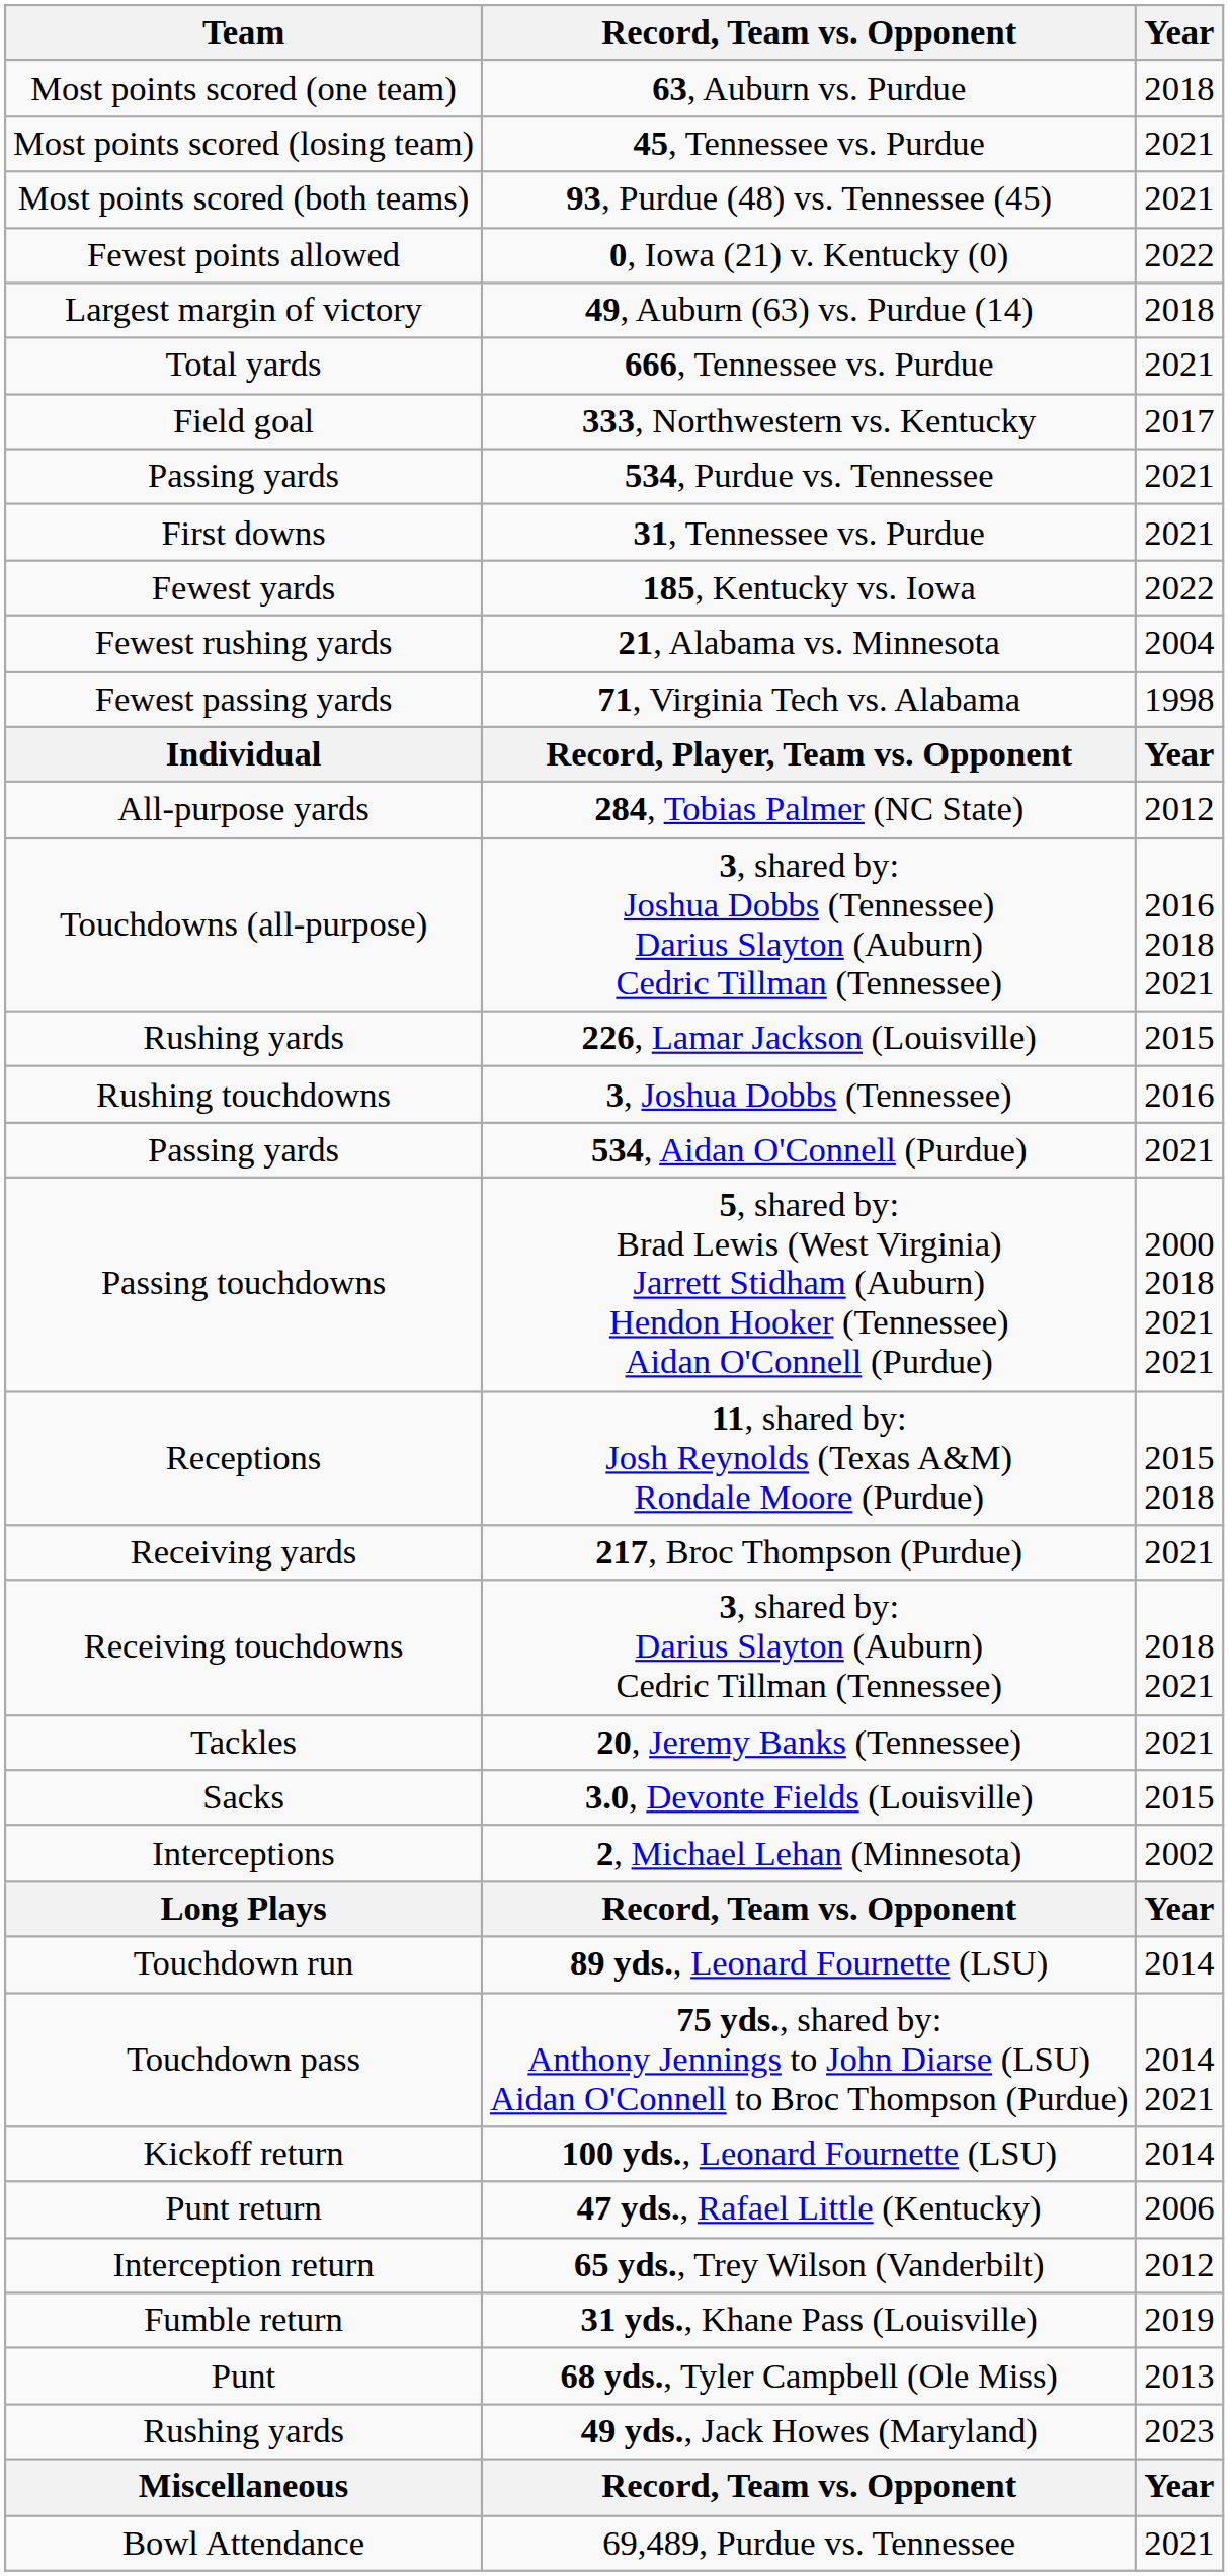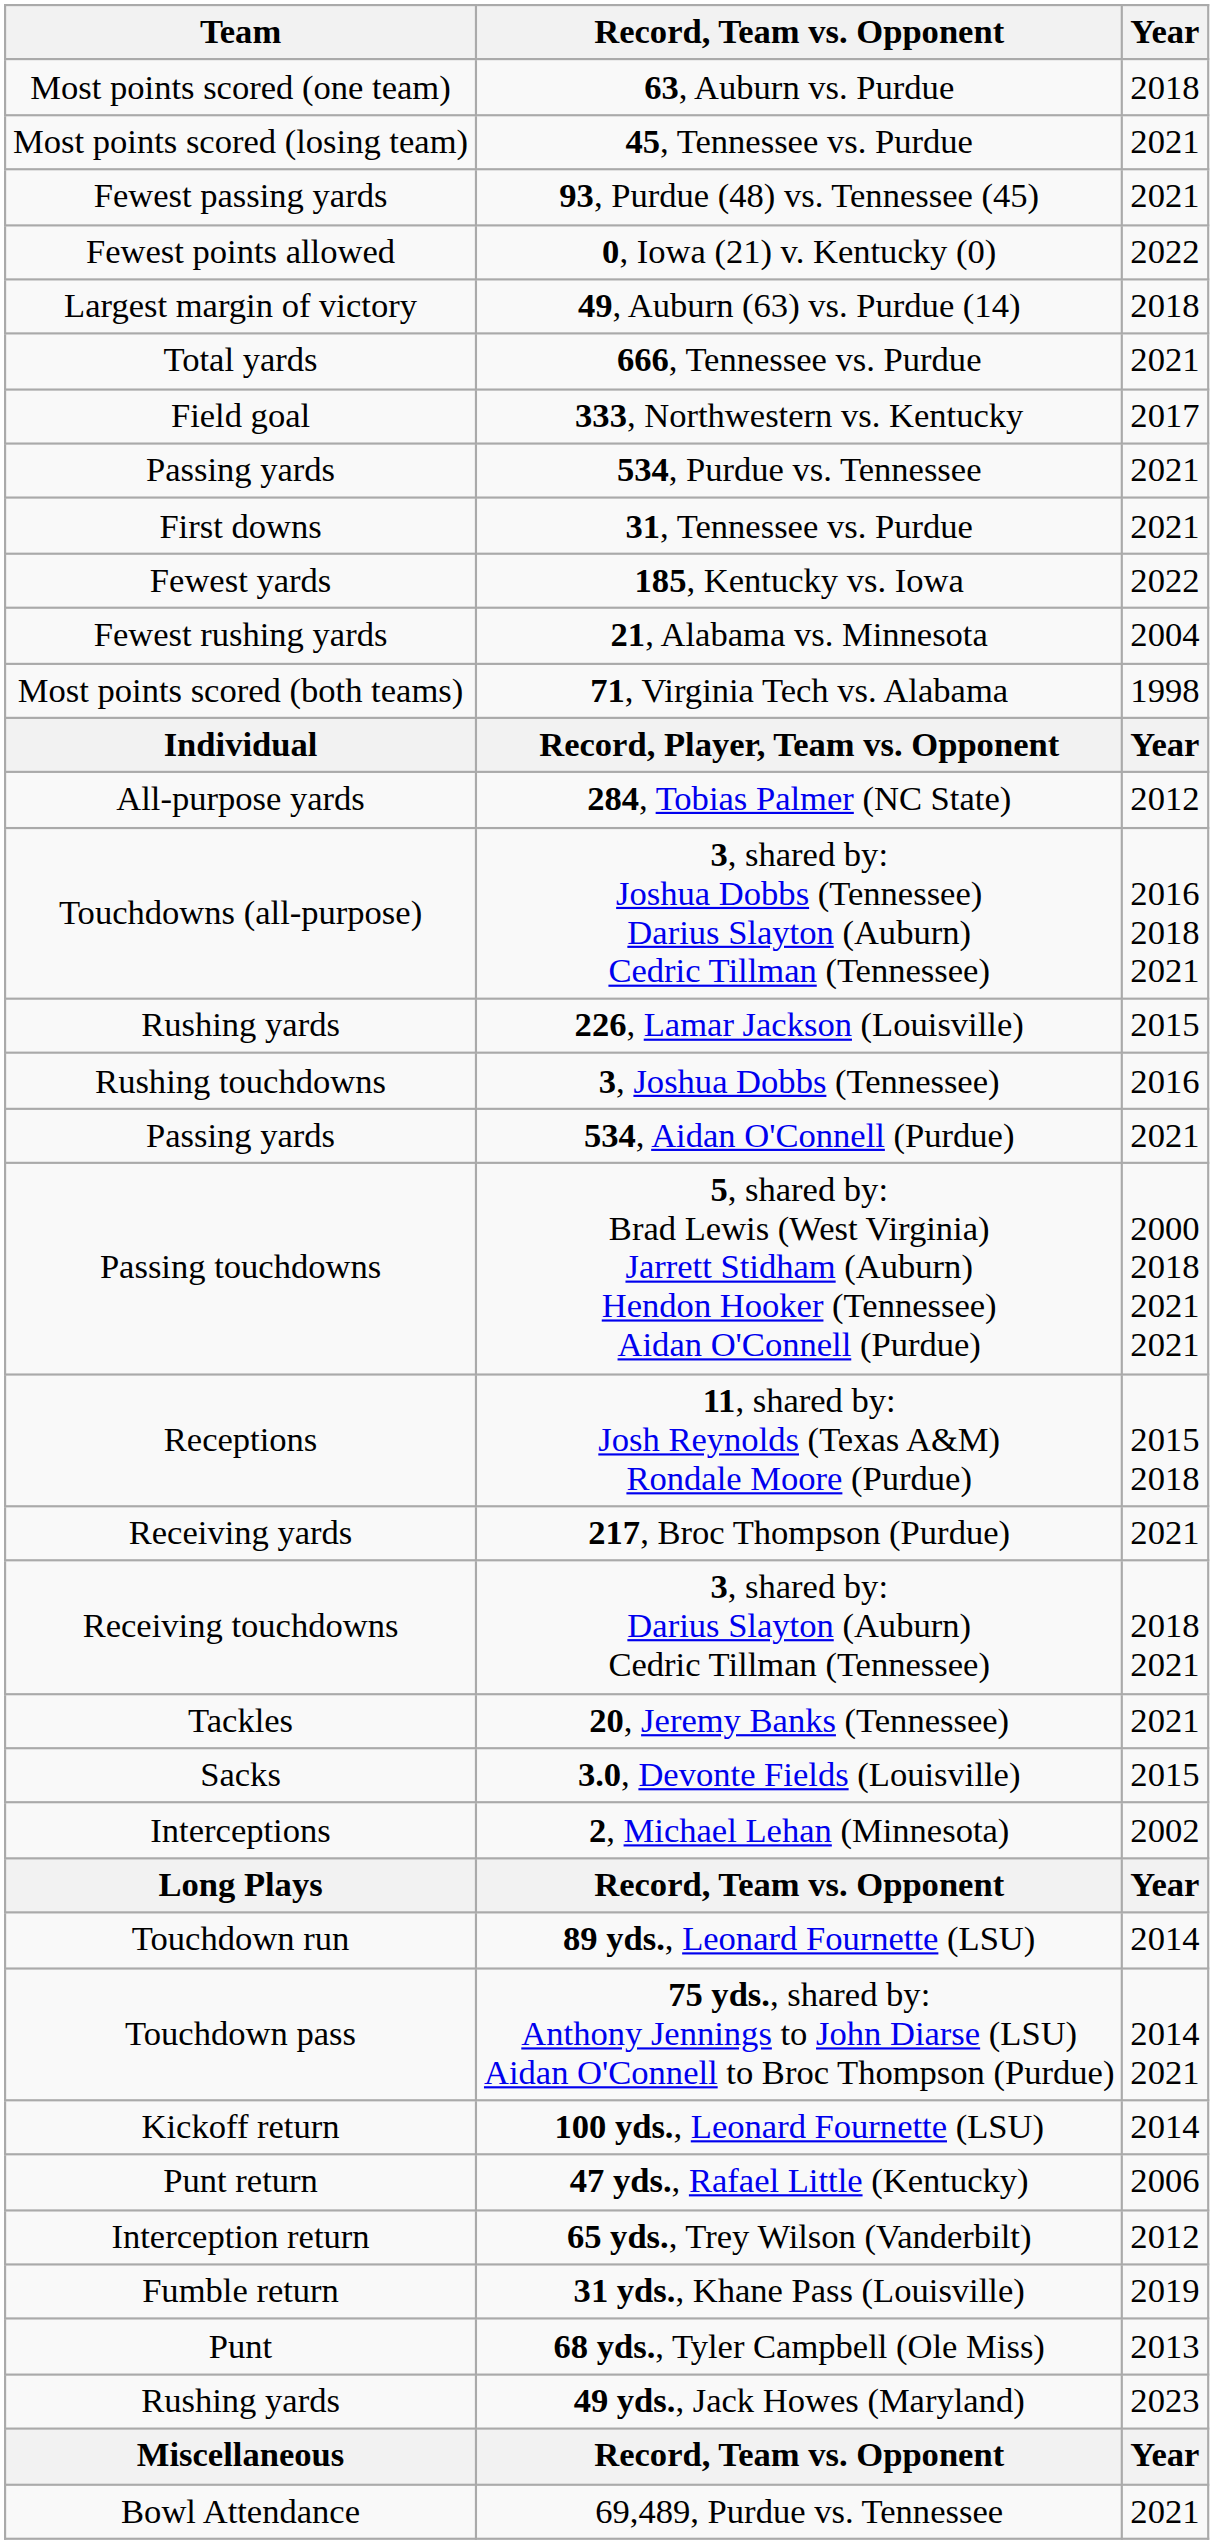 <table class="wikitable" style="text-align:center;">
 <tr>
 <th>Team</th>
 <th>Record, Team vs. Opponent</th>
 <th>Year</th>
 </tr>
 <tr>
 <td>Most points scored (one team)</td>
 <td><strong>63</strong>, Auburn vs. Purdue</td>
 <td>2018</td>
 </tr>
 <tr>
 <td>Most points scored (losing team)</td>
 <td><strong>45</strong>, Tennessee vs. Purdue</td>
 <td>2021</td>
 </tr>
 <tr>
-<td>Most points scored (both teams)</td>
+<td>Fewest passing yards</td>
 <td><strong>93</strong>, Purdue (48) vs. Tennessee (45)</td>
 <td>2021</td>
 </tr>
 <tr>
 <td>Fewest points allowed</td>
 <td><strong>0</strong>, Iowa (21) v. Kentucky (0)</td>
 <td>2022</td>
 </tr>
 <tr>
 <td>Largest margin of victory</td>
 <td><strong>49</strong>, Auburn (63) vs. Purdue (14)</td>
 <td>2018</td>
 </tr>
 <tr>
 <td>Total yards</td>
 <td><strong>666</strong>, Tennessee vs. Purdue</td>
 <td>2021</td>
 </tr>
 <tr>
 <td>Field goal</td>
 <td><strong>333</strong>, Northwestern vs. Kentucky</td>
 <td>2017</td>
 </tr>
 <tr>
 <td>Passing yards</td>
 <td><strong>534</strong>, Purdue vs. Tennessee</td>
 <td>2021</td>
 </tr>
 <tr>
 <td>First downs</td>
 <td><strong>31</strong>, Tennessee vs. Purdue</td>
 <td>2021</td>
 </tr>
 <tr>
 <td>Fewest yards</td>
 <td><strong>185</strong>, Kentucky vs. Iowa</td>
 <td>2022</td>
 </tr>
 <tr>
 <td>Fewest rushing yards</td>
 <td><strong>21</strong>, Alabama vs. Minnesota</td>
 <td>2004</td>
 </tr>
 <tr>
-<td>Fewest passing yards</td>
+<td>Most points scored (both teams)</td>
 <td><strong>71</strong>, Virginia Tech vs. Alabama</td>
 <td>1998</td>
 </tr>
 <tr>
 <th>Individual</th>
 <th>Record, Player, Team vs. Opponent</th>
 <th>Year</th>
 </tr>
 <tr>
 <td>All-purpose yards</td>
 <td><strong>284</strong>, <a href='#'>Tobias Palmer</a> (NC State)</td>
 <td>2012</td>
 </tr>
 <tr>
 <td>Touchdowns (all-purpose)</td>
 <td><strong>3</strong>, shared by:<br><a href='#'>Joshua Dobbs</a> (Tennessee)<br><a href='#'>Darius Slayton</a> (Auburn)<br><a href='#'>Cedric Tillman</a> (Tennessee)</td>
 <td><br>2016<br>2018<br>2021</td>
 </tr>
 <tr>
 <td>Rushing yards</td>
 <td><strong>226</strong>, <a href='#'>Lamar Jackson</a> (Louisville)</td>
 <td>2015</td>
 </tr>
 <tr>
 <td>Rushing touchdowns</td>
 <td><strong>3</strong>, <a href='#'>Joshua Dobbs</a> (Tennessee)</td>
 <td>2016</td>
 </tr>
 <tr>
 <td>Passing yards</td>
 <td><strong>534</strong>, <a href='#'>Aidan O'Connell</a> (Purdue)</td>
 <td>2021</td>
 </tr>
 <tr>
 <td>Passing touchdowns</td>
 <td><strong>5</strong>, shared by:<br>Brad Lewis (West Virginia)<br><a href='#'>Jarrett Stidham</a> (Auburn)<br><a href='#'>Hendon Hooker</a> (Tennessee)<br><a href='#'>Aidan O'Connell</a> (Purdue)</td>
 <td><br>2000<br>2018<br>2021<br>2021</td>
 </tr>
 <tr>
 <td>Receptions</td>
 <td><strong>11</strong>, shared by:<br><a href='#'>Josh Reynolds</a> (Texas A&M)<br><a href='#'>Rondale Moore</a> (Purdue)</td>
 <td><br>2015<br>2018</td>
 </tr>
 <tr>
 <td>Receiving yards</td>
 <td><strong>217</strong>, Broc Thompson (Purdue)</td>
 <td>2021</td>
 </tr>
 <tr>
 <td>Receiving touchdowns</td>
 <td><strong>3</strong>, shared by:<br><a href='#'>Darius Slayton</a> (Auburn)<br>Cedric Tillman (Tennessee)</td>
 <td><br>2018<br>2021</td>
 </tr>
 <tr>
 <td>Tackles</td>
 <td><strong>20</strong>, <a href='#'>Jeremy Banks</a> (Tennessee)</td>
 <td>2021</td>
 </tr>
 <tr>
 <td>Sacks</td>
 <td><strong>3.0</strong>, <a href='#'>Devonte Fields</a> (Louisville)</td>
 <td>2015</td>
 </tr>
 <tr>
 <td>Interceptions</td>
 <td><strong>2</strong>, <a href='#'>Michael Lehan</a> (Minnesota)</td>
 <td>2002</td>
 </tr>
 <tr>
 <th>Long Plays</th>
 <th>Record, Team vs. Opponent</th>
 <th>Year</th>
 </tr>
 <tr>
 <td>Touchdown run</td>
 <td><strong>89 yds.</strong>, <a href='#'>Leonard Fournette</a> (LSU)</td>
 <td>2014</td>
 </tr>
 <tr>
 <td>Touchdown pass</td>
 <td><strong>75 yds.</strong>, shared by:<br><a href='#'>Anthony Jennings</a> to <a href='#'>John Diarse</a> (LSU)<br><a href='#'>Aidan O'Connell</a> to Broc Thompson (Purdue)</td>
 <td><br>2014<br>2021</td>
 </tr>
 <tr>
 <td>Kickoff return</td>
 <td><strong>100 yds.</strong>, <a href='#'>Leonard Fournette</a> (LSU)</td>
 <td>2014</td>
 </tr>
 <tr>
 <td>Punt return</td>
 <td><strong>47 yds.</strong>, <a href='#'>Rafael Little</a> (Kentucky)</td>
 <td>2006</td>
 </tr>
 <tr>
 <td>Interception return</td>
 <td><strong>65 yds.</strong>, Trey Wilson (Vanderbilt)</td>
 <td>2012</td>
 </tr>
 <tr>
 <td>Fumble return</td>
 <td><strong>31 yds.</strong>, Khane Pass (Louisville)</td>
 <td>2019</td>
 </tr>
 <tr>
 <td>Punt</td>
 <td><strong>68 yds.</strong>, Tyler Campbell (Ole Miss)</td>
 <td>2013</td>
 </tr>
 <tr>
 <td>Rushing yards</td>
 <td><strong>49 yds.</strong>, Jack Howes (Maryland)</td>
 <td>2023</td>
 </tr>
 <tr>
 <th>Miscellaneous</th>
 <th>Record, Team vs. Opponent</th>
 <th>Year</th>
 </tr>
 <tr>
 <td>Bowl Attendance</td>
 <td>69,489, Purdue vs. Tennessee</td>
 <td>2021</td>
 </tr>
 </table>
